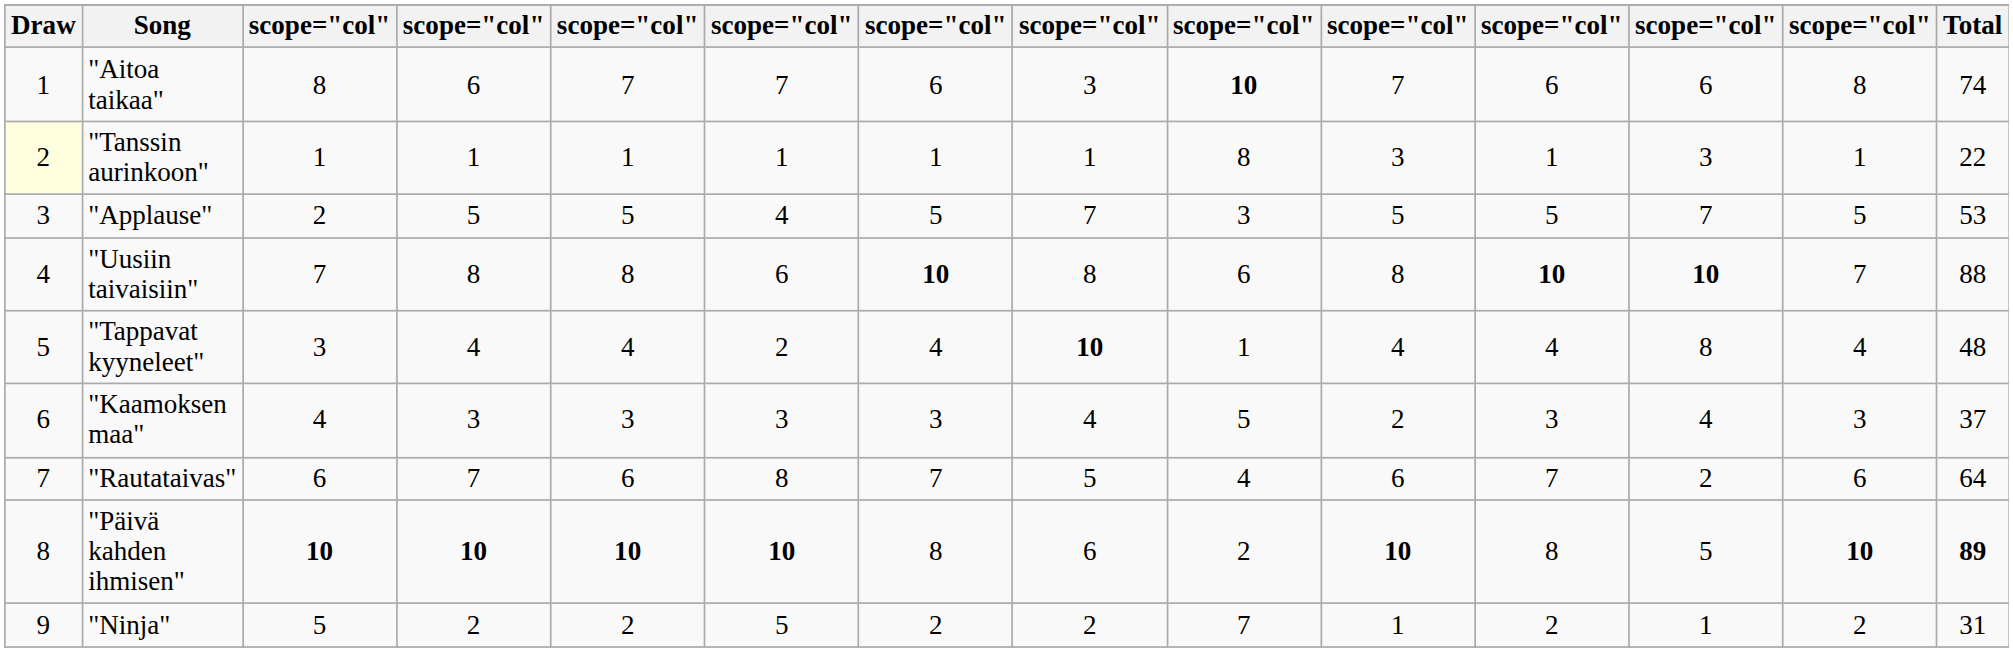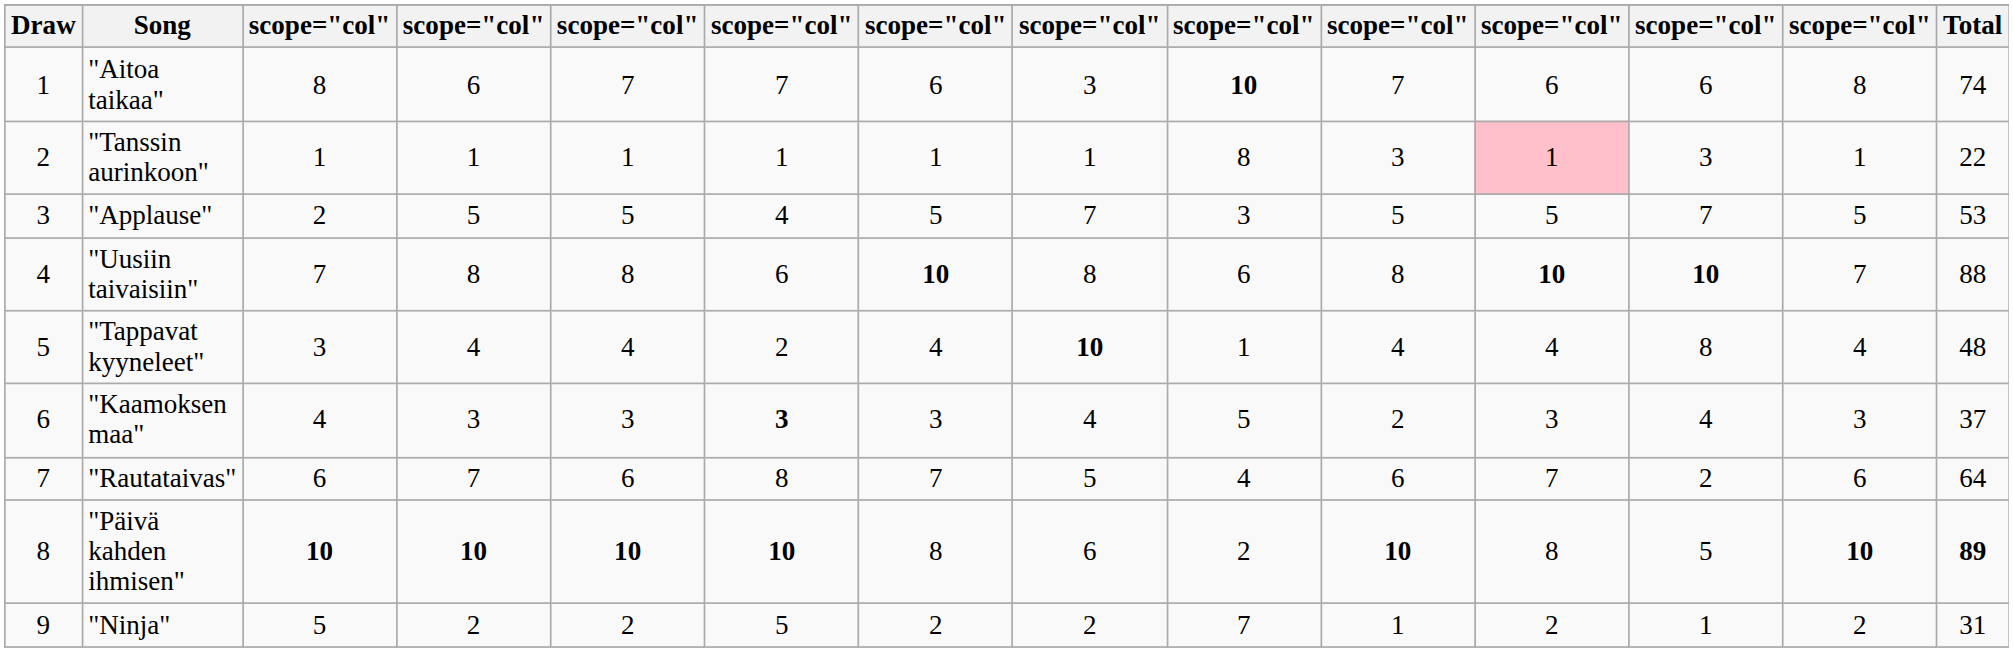 <table class="wikitable plainrowheaders" style="margin: 1em auto 1em auto; text-align:center;">
 <tr>
 </tr>
 <tr>
 <th scope="col">Draw</th>
 <th scope="col">Song</th>
 <th>scope="col" </th>
 <th>scope="col" </th>
 <th>scope="col" </th>
 <th>scope="col" </th>
 <th>scope="col" </th>
 <th>scope="col" </th>
 <th>scope="col" </th>
 <th>scope="col" </th>
 <th>scope="col" </th>
 <th>scope="col" </th>
 <th>scope="col" </th>
 <th scope="col">Total</th>
 </tr>
 <tr>
 <td>1</td>
 <td align="left">"Aitoa taikaa"</td>
 <td>8</td>
 <td>6</td>
 <td>7</td>
 <td>7</td>
 <td>6</td>
 <td>3</td>
 <td><strong>10</strong></td>
 <td>7</td>
 <td>6</td>
 <td>6</td>
 <td>8</td>
 <td>74</td>
 </tr>
 <tr>
-<td style="background: lightyellow;">2</td>
+<td>2</td>
 <td align="left">"Tanssin aurinkoon"</td>
 <td>1</td>
 <td>1</td>
 <td>1</td>
 <td>1</td>
 <td>1</td>
 <td>1</td>
 <td>8</td>
 <td>3</td>
-<td>1</td>
+<td style="background: pink;">1</td>
 <td>3</td>
 <td>1</td>
 <td>22</td>
 </tr>
 <tr>
 <td>3</td>
 <td align="left">"Applause"</td>
 <td>2</td>
 <td>5</td>
 <td>5</td>
 <td>4</td>
 <td>5</td>
 <td>7</td>
 <td>3</td>
 <td>5</td>
 <td>5</td>
 <td>7</td>
 <td>5</td>
 <td>53</td>
 </tr>
 <tr>
 <td>4</td>
 <td align="left">"Uusiin taivaisiin"</td>
 <td>7</td>
 <td>8</td>
 <td>8</td>
 <td>6</td>
 <td><strong>10</strong></td>
 <td>8</td>
 <td>6</td>
 <td>8</td>
 <td><strong>10</strong></td>
 <td><strong>10</strong></td>
 <td>7</td>
 <td>88</td>
 </tr>
 <tr>
 <td>5</td>
 <td align="left">"Tappavat kyyneleet"</td>
 <td>3</td>
 <td>4</td>
 <td>4</td>
 <td>2</td>
 <td>4</td>
 <td><strong>10</strong></td>
 <td>1</td>
 <td>4</td>
 <td>4</td>
 <td>8</td>
 <td>4</td>
 <td>48</td>
 </tr>
 <tr>
 <td>6</td>
 <td align="left">"Kaamoksen maa"</td>
 <td>4</td>
 <td>3</td>
 <td>3</td>
-<td>3</td>
+<td><strong>3</strong></td>
 <td>3</td>
 <td>4</td>
 <td>5</td>
 <td>2</td>
 <td>3</td>
 <td>4</td>
 <td>3</td>
 <td>37</td>
 </tr>
 <tr>
 <td>7</td>
 <td align="left">"Rautataivas"</td>
 <td>6</td>
 <td>7</td>
 <td>6</td>
 <td>8</td>
 <td>7</td>
 <td>5</td>
 <td>4</td>
 <td>6</td>
 <td>7</td>
 <td>2</td>
 <td>6</td>
 <td>64</td>
 </tr>
 <tr>
 <td>8</td>
 <td align="left">"Päivä kahden ihmisen"</td>
 <td><strong>10</strong></td>
 <td><strong>10</strong></td>
 <td><strong>10</strong></td>
 <td><strong>10</strong></td>
 <td>8</td>
 <td>6</td>
 <td>2</td>
 <td><strong>10</strong></td>
 <td>8</td>
 <td>5</td>
 <td><strong>10</strong></td>
 <td><strong>89</strong></td>
 </tr>
 <tr>
 <td>9</td>
 <td align="left">"Ninja"</td>
 <td>5</td>
 <td>2</td>
 <td>2</td>
 <td>5</td>
 <td>2</td>
 <td>2</td>
 <td>7</td>
 <td>1</td>
 <td>2</td>
 <td>1</td>
 <td>2</td>
 <td>31</td>
 </tr>
 </table>
